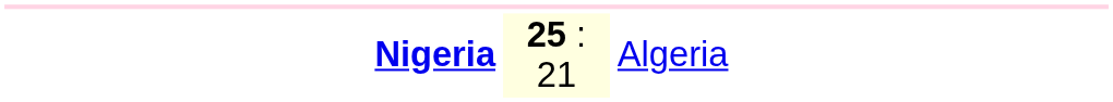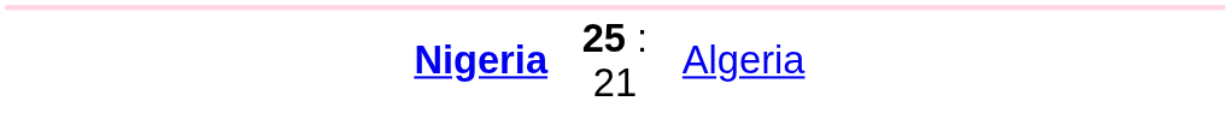 <table style="text-align:center" width=500>
 <tr>
 <th width=15%></th>
 <th width=30%></th>
 <th width=10%></th>
 <th width=30%></th>
 <th width=15%></th>
 </tr>
 <tr align="left" bgcolor=#ffd4e4>
 <td colspan=5></td>
 </tr>
 <tr>
 <td></td>
 <td align="right"><strong><a href='#'>Nigeria</a></strong> </td>
-<td style="background: lightyellow;"><strong>25</strong> : 21</td>
+<td><strong>25</strong> : 21</td>
 <td align="left"> <a href='#'>Algeria</a></td>
 <td></td>
 </tr>
 </table>
